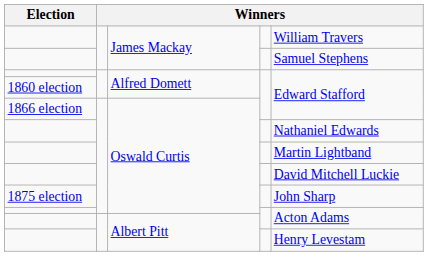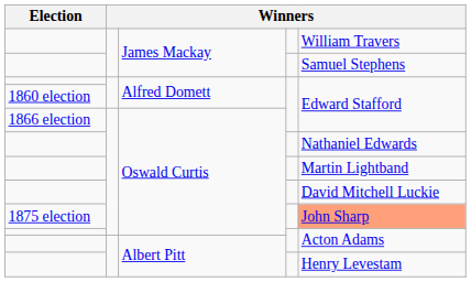 <table class="wikitable">
 <tr>
 <th width=100>Election</th>
 <th colspan=4>Winners</th>
 </tr>
 <tr>
 <td></td>
 <td width=5 rowspan=2 bgcolor=></td>
 <td width=170 rowspan=2><a href='#'>James Mackay</a></td>
 <td width=5 bgcolor=></td>
 <td width=170><a href='#'>William Travers</a></td>
 </tr>
 <tr>
 <td></td>
 <td bgcolor=></td>
 <td><a href='#'>Samuel Stephens</a></td>
 </tr>
 <tr>
 <td></td>
 <td rowspan=2 bgcolor=></td>
 <td rowspan=2><a href='#'>Alfred Domett</a></td>
 <td rowspan=3 bgcolor=></td>
 <td rowspan=3><a href='#'>Edward Stafford</a></td>
 </tr>
 <tr>
 <td><a href='#'>1860 election</a></td>
 </tr>
 <tr>
 <td><a href='#'>1866 election</a></td>
 <td rowspan=6 bgcolor=></td>
 <td rowspan=6><a href='#'>Oswald Curtis</a></td>
 </tr>
 <tr>
 <td></td>
 <td bgcolor=></td>
 <td><a href='#'>Nathaniel Edwards</a></td>
 </tr>
 <tr>
 <td></td>
 <td bgcolor=></td>
 <td><a href='#'>Martin Lightband</a></td>
 </tr>
 <tr>
 <td></td>
 <td bgcolor=></td>
 <td><a href='#'>David Mitchell Luckie</a></td>
 </tr>
 <tr>
 <td><a href='#'>1875 election</a></td>
 <td bgcolor=></td>
-<td><a href='#'>John Sharp</a></td>
+<td style="background: lightsalmon;"><a href='#'>John Sharp</a></td>
 </tr>
 <tr>
 <td></td>
 <td rowspan=2 bgcolor=></td>
 <td rowspan=2><a href='#'>Acton Adams</a></td>
 </tr>
 <tr>
 <td></td>
 <td rowspan=2 bgcolor=></td>
 <td rowspan=2><a href='#'>Albert Pitt</a></td>
 </tr>
 <tr>
 <td></td>
 <td bgcolor=></td>
 <td><a href='#'>Henry Levestam</a></td>
 </tr>
 </table>
